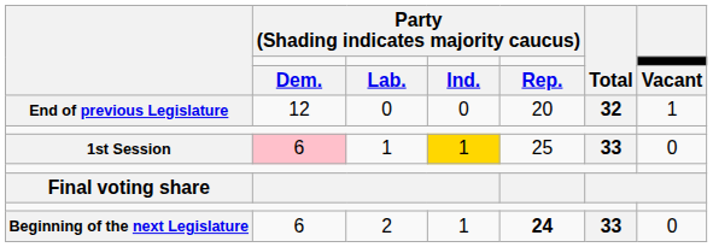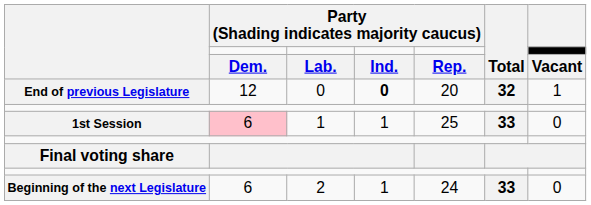 <table class=wikitable style="text-align:center">
 <tr style="vertical-align:bottom;">
 <th rowspan=3></th>
 <th colspan=4>Party <div>(Shading indicates majority caucus)</div></th>
 <th rowspan=3>Total</th>
 <th></th>
 </tr>
 <tr style="height:5px">
 <td style="background-color:"></td>
 <td style="background-color:"></td>
 <td style="background-color:"></td>
 <td style="background-color:"></td>
 <td style="background:black;"></td>
 </tr>
 <tr>
 <th><a href='#'>Dem.</a></th>
 <th><a href='#'>Lab.</a></th>
 <th><a href='#'>Ind.</a></th>
 <th><a href='#'>Rep.</a></th>
 <th>Vacant</th>
 </tr>
 <tr>
 <th style="font-size:80%;">End of <a href='#'>previous Legislature</a></th>
 <td>12</td>
 <td>0</td>
-<td>0</td>
+<td><strong>0</strong></td>
 <td>20</td>
 <th>32</th>
 <td>1</td>
 </tr>
 <tr>
 <td colspan=6></td>
 </tr>
 <tr>
 <th style="font-size:80%;">1st Session</th>
 <td style="background: pink;">6</td>
 <td>1</td>
-<td style="background: gold;">1</td>
+<td>1</td>
 <td>25</td>
 <th>33</th>
 <td>0</td>
 </tr>
 <tr>
 <td colspan=6></td>
 </tr>
 <tr>
 <th>Final voting share</th>
 <th colspan="3"></th>
 <th></th>
 <th colspan=2></th>
 </tr>
 <tr>
 <td colspan=6></td>
 </tr>
 <tr>
 <th style="font-size:80%;">Beginning of the <a href='#'>next Legislature</a></th>
 <td>6</td>
 <td>2</td>
 <td>1</td>
-<td><strong>24</strong></td>
+<td>24</td>
 <th>33</th>
 <td>0</td>
 </tr>
 </table>
